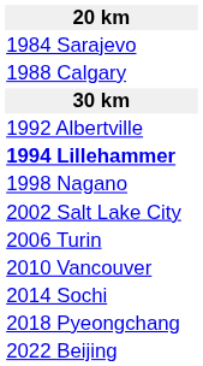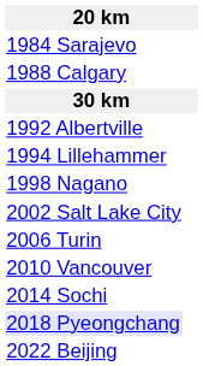 <table>
 <tr>
 <td colspan=4 align=center bgcolor=F0F0F0><strong>20 km</strong></td>
 </tr>
 <tr>
 <td><a href='#'>1984 Sarajevo</a><br></td>
 <td></td>
 <td></td>
 <td></td>
 </tr>
 <tr>
 <td><a href='#'>1988 Calgary</a><br></td>
 <td></td>
 <td></td>
 <td></td>
 </tr>
 <tr>
 <td colspan=4 align=center bgcolor=F0F0F0><strong>30 km</strong></td>
 </tr>
 <tr>
 <td><a href='#'>1992 Albertville</a><br></td>
 <td></td>
 <td></td>
 <td></td>
 </tr>
 <tr>
-<td><strong><a href='#'>1994 Lillehammer</a><br></strong></td>
+<td><a href='#'>1994 Lillehammer</a><br></td>
 <td></td>
 <td></td>
 <td></td>
 </tr>
 <tr>
 <td><a href='#'>1998 Nagano</a><br></td>
 <td></td>
 <td></td>
 <td></td>
 </tr>
 <tr>
 <td><a href='#'>2002 Salt Lake City</a><br></td>
 <td></td>
 <td></td>
 <td></td>
 </tr>
 <tr>
 <td><a href='#'>2006 Turin</a><br></td>
 <td></td>
 <td></td>
 <td></td>
 </tr>
 <tr>
 <td><a href='#'>2010 Vancouver</a><br></td>
 <td></td>
 <td></td>
 <td></td>
 </tr>
 <tr>
 <td><a href='#'>2014 Sochi</a><br></td>
 <td></td>
 <td></td>
 <td></td>
 </tr>
 <tr>
-<td><a href='#'>2018 Pyeongchang</a><br></td>
+<td style="background: lavender;"><a href='#'>2018 Pyeongchang</a><br></td>
 <td></td>
 <td></td>
 <td></td>
 </tr>
 <tr>
 <td><a href='#'>2022 Beijing</a> <br></td>
 <td></td>
 <td></td>
 <td></td>
 </tr>
 <tr>
 </tr>
 </table>
